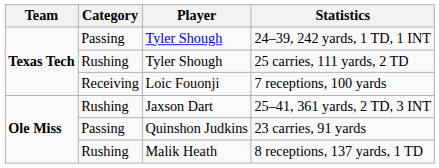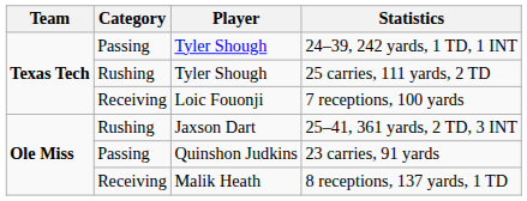 <table class="wikitable" style="float: right;">
 <tr>
 <th>Team</th>
 <th>Category</th>
 <th>Player</th>
 <th>Statistics</th>
 </tr>
 <tr>
 <td rowspan=3><strong>Texas Tech</strong></td>
 <td>Passing</td>
 <td><a href='#'>Tyler Shough</a></td>
 <td>24–39, 242 yards, 1 TD, 1 INT</td>
 </tr>
 <tr>
 <td>Rushing</td>
 <td>Tyler Shough</td>
 <td>25 carries, 111 yards, 2 TD</td>
 </tr>
 <tr>
 <td>Receiving</td>
 <td>Loic Fouonji</td>
 <td>7 receptions, 100 yards</td>
 </tr>
 <tr>
 <td rowspan=3><strong>Ole Miss</strong></td>
 <td>Rushing</td>
 <td>Jaxson Dart</td>
 <td>25–41, 361 yards, 2 TD, 3 INT</td>
 </tr>
 <tr>
 <td>Passing</td>
 <td>Quinshon Judkins</td>
 <td>23 carries, 91 yards</td>
 </tr>
 <tr>
-<td>Rushing</td>
+<td>Receiving</td>
 <td>Malik Heath</td>
 <td>8 receptions, 137 yards, 1 TD</td>
 </tr>
 </table>
